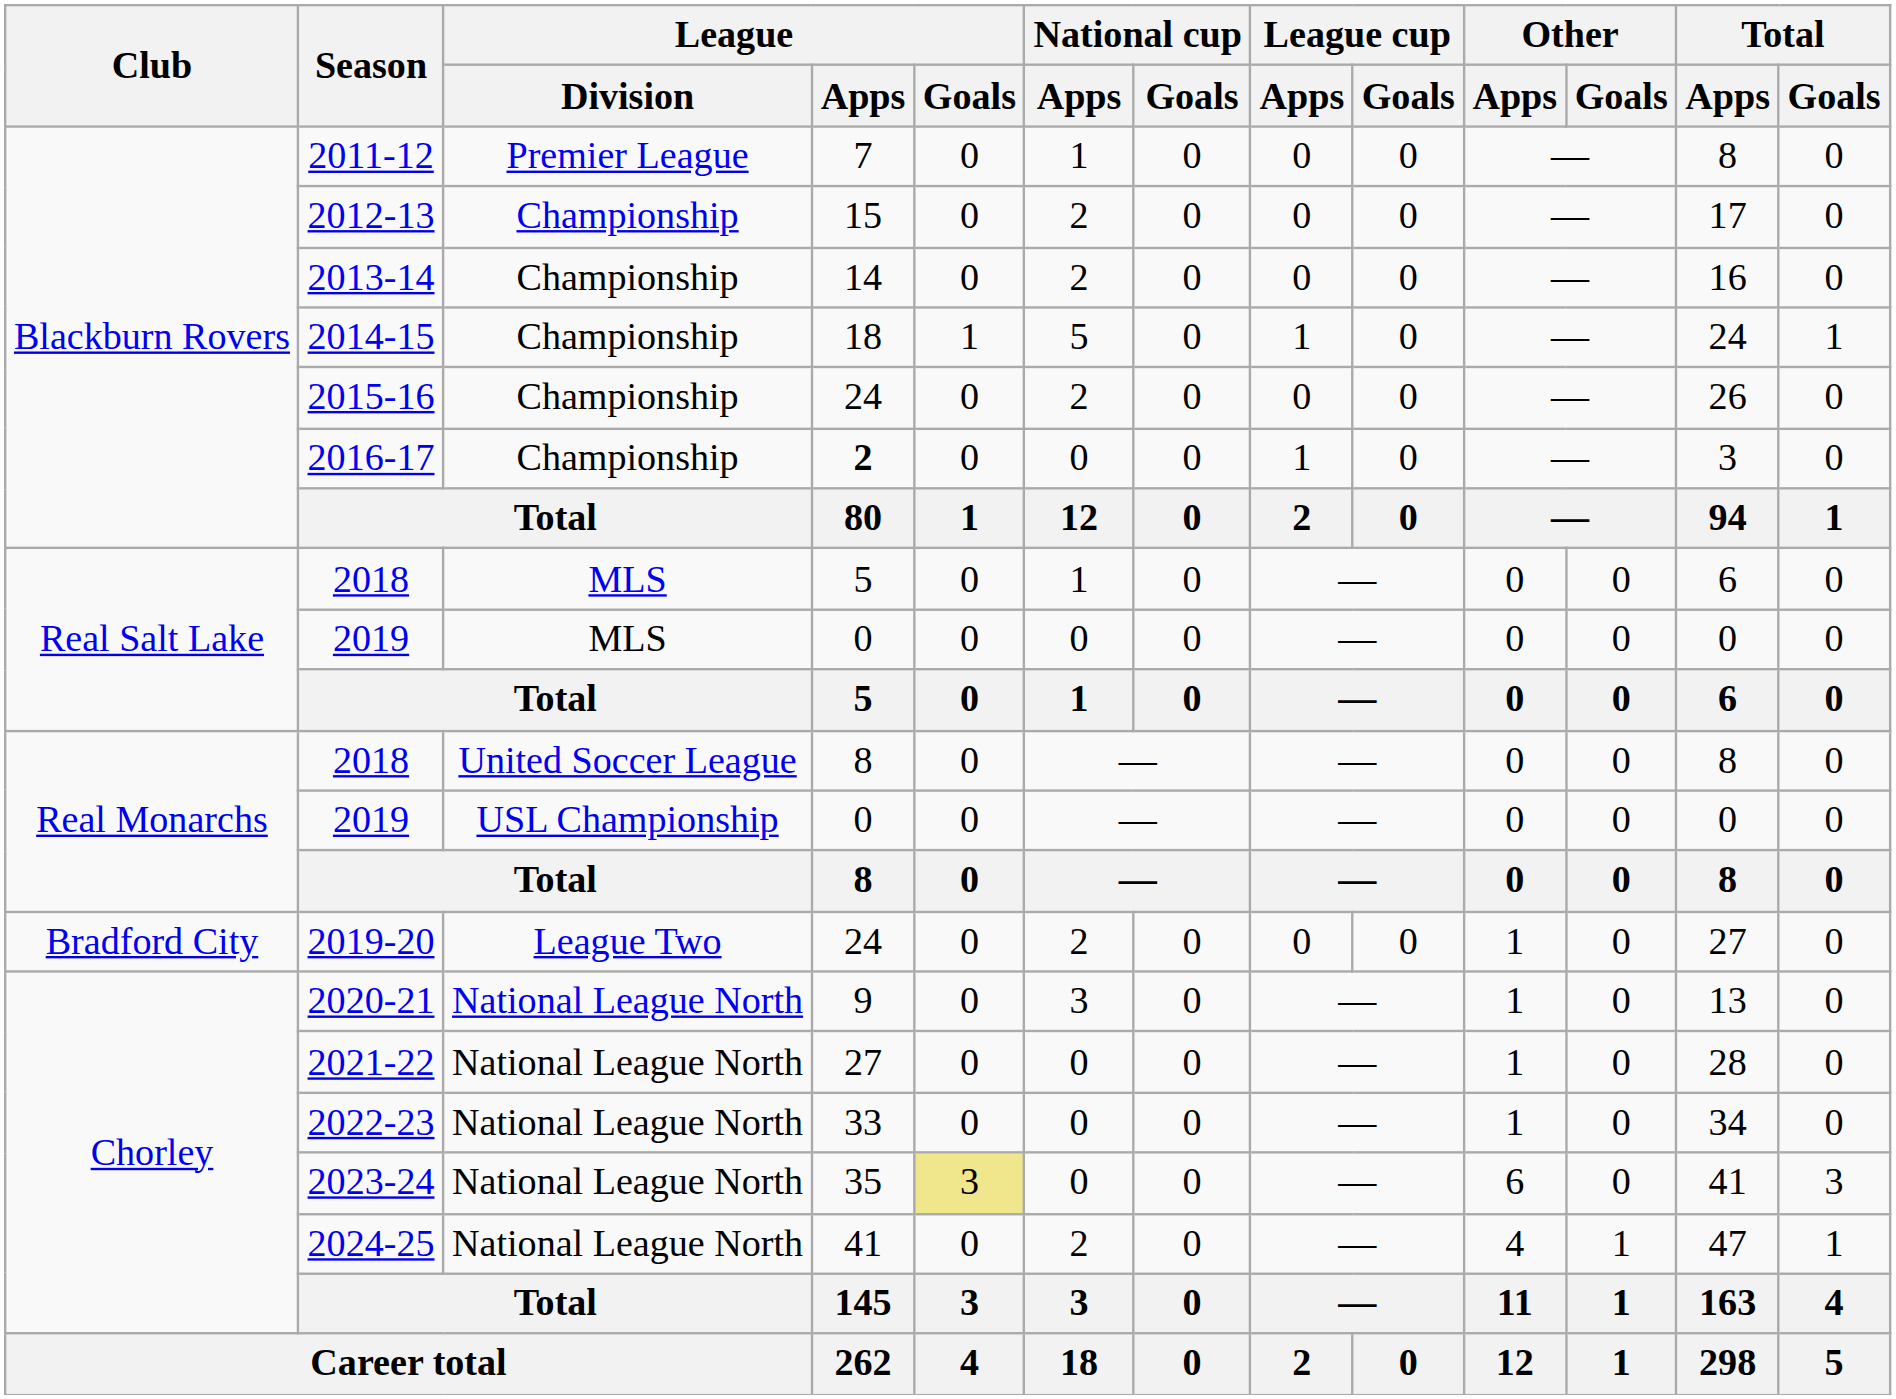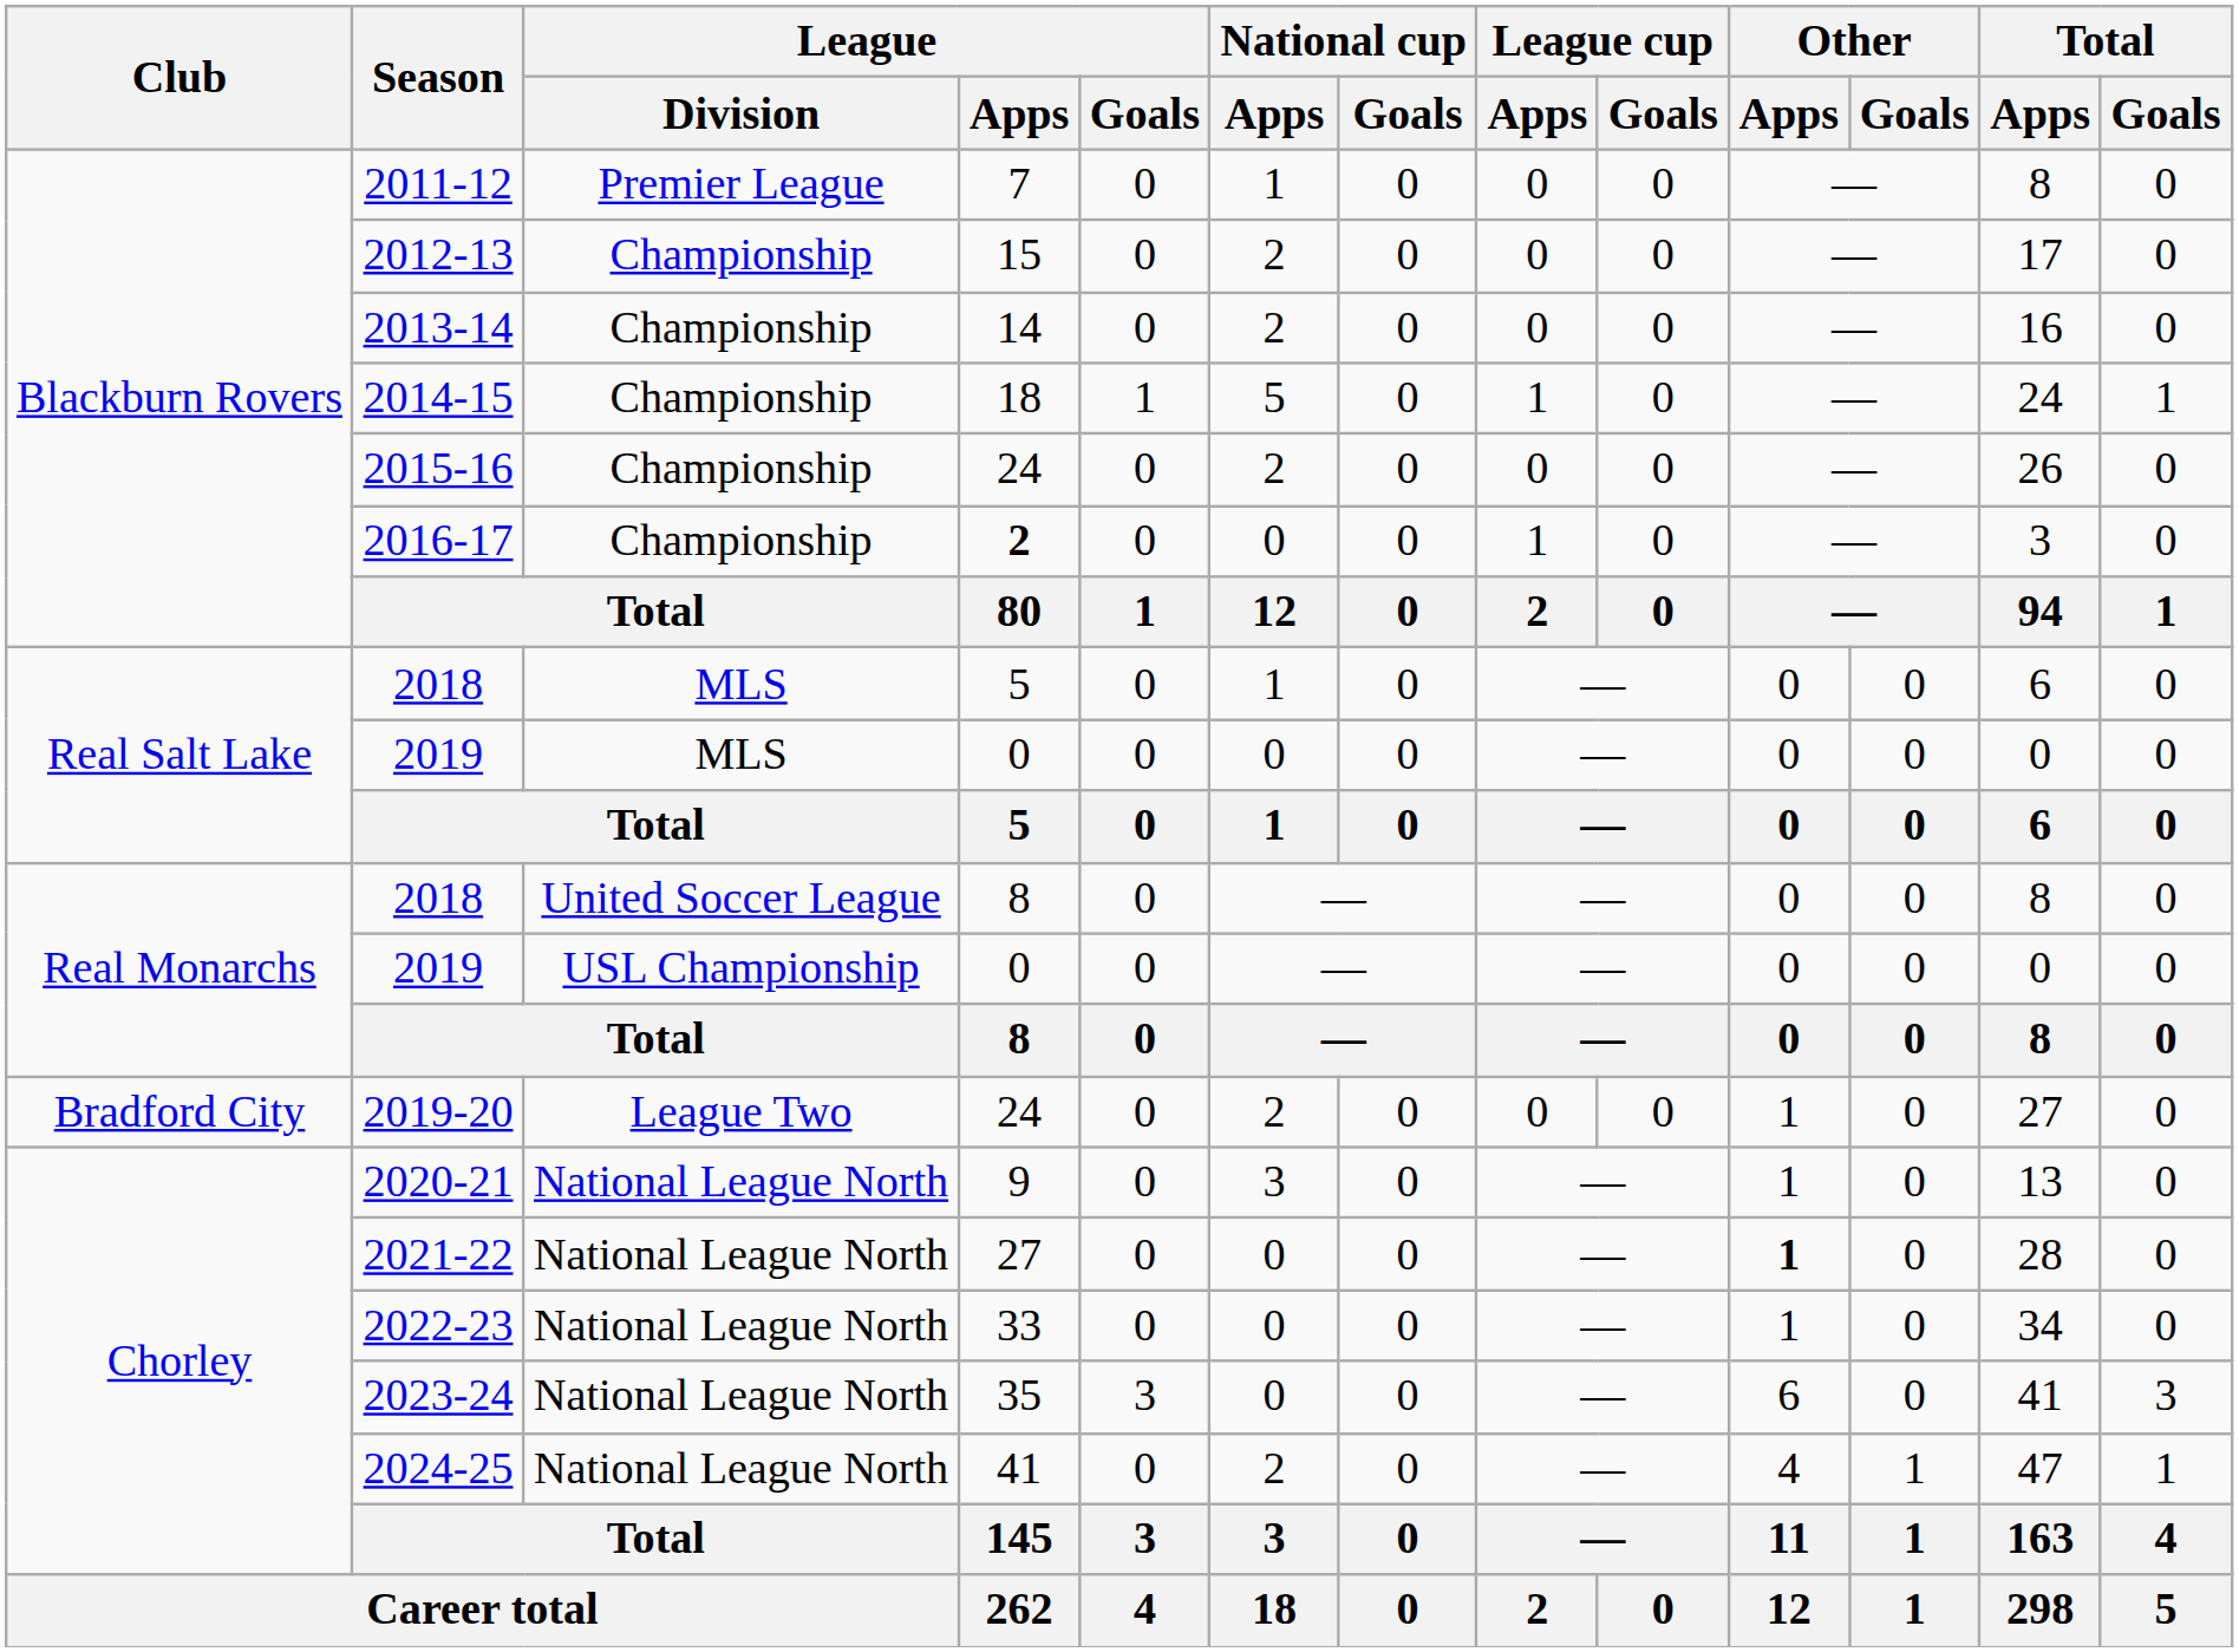 <table class="wikitable" style="text-align: center">
 <tr>
 <th rowspan="2">Club</th>
 <th rowspan="2">Season</th>
 <th colspan="3">League</th>
 <th colspan="2">National cup</th>
 <th colspan="2">League cup</th>
 <th colspan="2">Other</th>
 <th colspan="2">Total</th>
 </tr>
 <tr>
 <th>Division</th>
 <th>Apps</th>
 <th>Goals</th>
 <th>Apps</th>
 <th>Goals</th>
 <th>Apps</th>
 <th>Goals</th>
 <th>Apps</th>
 <th>Goals</th>
 <th>Apps</th>
 <th>Goals</th>
 </tr>
 <tr>
 <td rowspan="7"><a href='#'>Blackburn Rovers</a></td>
 <td><a href='#'>2011-12</a></td>
 <td><a href='#'>Premier League</a></td>
 <td>7</td>
 <td>0</td>
 <td>1</td>
 <td>0</td>
 <td>0</td>
 <td>0</td>
 <td colspan="2">—</td>
 <td>8</td>
 <td>0</td>
 </tr>
 <tr>
 <td><a href='#'>2012-13</a></td>
 <td><a href='#'>Championship</a></td>
 <td>15</td>
 <td>0</td>
 <td>2</td>
 <td>0</td>
 <td>0</td>
 <td>0</td>
 <td colspan="2">—</td>
 <td>17</td>
 <td>0</td>
 </tr>
 <tr>
 <td><a href='#'>2013-14</a></td>
 <td>Championship</td>
 <td>14</td>
 <td>0</td>
 <td>2</td>
 <td>0</td>
 <td>0</td>
 <td>0</td>
 <td colspan="2">—</td>
 <td>16</td>
 <td>0</td>
 </tr>
 <tr>
 <td><a href='#'>2014-15</a></td>
 <td>Championship</td>
 <td>18</td>
 <td>1</td>
 <td>5</td>
 <td>0</td>
 <td>1</td>
 <td>0</td>
 <td colspan="2">—</td>
 <td>24</td>
 <td>1</td>
 </tr>
 <tr>
 <td><a href='#'>2015-16</a></td>
 <td>Championship</td>
 <td>24</td>
 <td>0</td>
 <td>2</td>
 <td>0</td>
 <td>0</td>
 <td>0</td>
 <td colspan="2">—</td>
 <td>26</td>
 <td>0</td>
 </tr>
 <tr>
 <td><a href='#'>2016-17</a></td>
 <td>Championship</td>
 <td><strong>2</strong></td>
 <td>0</td>
 <td>0</td>
 <td>0</td>
 <td>1</td>
 <td>0</td>
 <td colspan="2">—</td>
 <td>3</td>
 <td>0</td>
 </tr>
 <tr>
 <th colspan="2">Total</th>
 <th>80</th>
 <th>1</th>
 <th>12</th>
 <th>0</th>
 <th>2</th>
 <th>0</th>
 <th colspan="2">—</th>
 <th>94</th>
 <th>1</th>
 </tr>
 <tr>
 <td rowspan="3"><a href='#'>Real Salt Lake</a></td>
 <td><a href='#'>2018</a></td>
 <td><a href='#'>MLS</a></td>
 <td>5</td>
 <td>0</td>
 <td>1</td>
 <td>0</td>
 <td colspan="2">—</td>
 <td>0</td>
 <td>0</td>
 <td>6</td>
 <td>0</td>
 </tr>
 <tr>
 <td><a href='#'>2019</a></td>
 <td>MLS</td>
 <td>0</td>
 <td>0</td>
 <td>0</td>
 <td>0</td>
 <td colspan="2">—</td>
 <td>0</td>
 <td>0</td>
 <td>0</td>
 <td>0</td>
 </tr>
 <tr>
 <th colspan="2">Total</th>
 <th>5</th>
 <th>0</th>
 <th>1</th>
 <th>0</th>
 <th colspan="2">—</th>
 <th>0</th>
 <th>0</th>
 <th>6</th>
 <th>0</th>
 </tr>
 <tr>
 <td rowspan="3"><a href='#'>Real Monarchs</a></td>
 <td><a href='#'>2018</a></td>
 <td><a href='#'>United Soccer League</a></td>
 <td>8</td>
 <td>0</td>
 <td colspan="2">—</td>
 <td colspan="2">—</td>
 <td>0</td>
 <td>0</td>
 <td>8</td>
 <td>0</td>
 </tr>
 <tr>
 <td><a href='#'>2019</a></td>
 <td><a href='#'>USL Championship</a></td>
 <td>0</td>
 <td>0</td>
 <td colspan="2">—</td>
 <td colspan="2">—</td>
 <td>0</td>
 <td>0</td>
 <td>0</td>
 <td>0</td>
 </tr>
 <tr>
 <th colspan="2">Total</th>
 <th>8</th>
 <th>0</th>
 <th colspan="2">—</th>
 <th colspan="2">—</th>
 <th>0</th>
 <th>0</th>
 <th>8</th>
 <th>0</th>
 </tr>
 <tr>
 <td><a href='#'>Bradford City</a></td>
 <td><a href='#'>2019-20</a></td>
 <td><a href='#'>League Two</a></td>
 <td>24</td>
 <td>0</td>
 <td>2</td>
 <td>0</td>
 <td>0</td>
 <td>0</td>
 <td>1</td>
 <td>0</td>
 <td>27</td>
 <td>0</td>
 </tr>
 <tr>
 <td rowspan="6"><a href='#'>Chorley</a></td>
 <td><a href='#'>2020-21</a></td>
 <td><a href='#'>National League North</a></td>
 <td>9</td>
 <td>0</td>
 <td>3</td>
 <td>0</td>
 <td colspan="2">—</td>
 <td>1</td>
 <td>0</td>
 <td>13</td>
 <td>0</td>
 </tr>
 <tr>
 <td><a href='#'>2021-22</a></td>
 <td>National League North</td>
 <td>27</td>
 <td>0</td>
 <td>0</td>
 <td>0</td>
 <td colspan="2">—</td>
-<td>1</td>
+<td><strong>1</strong></td>
 <td>0</td>
 <td>28</td>
 <td>0</td>
 </tr>
 <tr>
 <td><a href='#'>2022-23</a></td>
 <td>National League North</td>
 <td>33</td>
 <td>0</td>
 <td>0</td>
 <td>0</td>
 <td colspan="2">—</td>
 <td>1</td>
 <td>0</td>
 <td>34</td>
 <td>0</td>
 </tr>
 <tr>
 <td><a href='#'>2023-24</a></td>
 <td>National League North</td>
 <td>35</td>
-<td style="background: khaki;">3</td>
+<td>3</td>
 <td>0</td>
 <td>0</td>
 <td colspan="2">—</td>
 <td>6</td>
 <td>0</td>
 <td>41</td>
 <td>3</td>
 </tr>
 <tr>
 <td><a href='#'>2024-25</a></td>
 <td>National League North</td>
 <td>41</td>
 <td>0</td>
 <td>2</td>
 <td>0</td>
 <td colspan="2">—</td>
 <td>4</td>
 <td>1</td>
 <td>47</td>
 <td>1</td>
 </tr>
 <tr>
 <th colspan="2">Total</th>
 <th>145</th>
 <th>3</th>
 <th>3</th>
 <th>0</th>
 <th colspan="2">—</th>
 <th>11</th>
 <th>1</th>
 <th>163</th>
 <th>4</th>
 </tr>
 <tr>
 <th colspan="3">Career total</th>
 <th>262</th>
 <th>4</th>
 <th>18</th>
 <th>0</th>
 <th>2</th>
 <th>0</th>
 <th>12</th>
 <th>1</th>
 <th>298</th>
 <th>5</th>
 </tr>
 </table>
